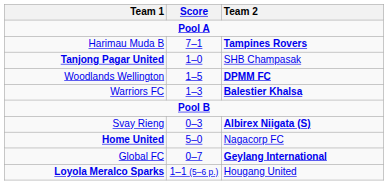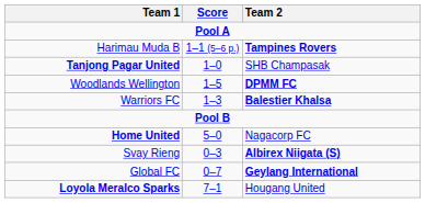 <table class="wikitable" style="align:center">
 <tr>
 <th width=250 style="text-align:right">Team 1</th>
 <th width=80 style="text-align:center"><a href='#'>Score</a></th>
 <th width=250 style="text-align:left">Team 2</th>
 </tr>
 <tr>
 <td colspan="3" style="text-align:center"><strong><a href='#'>Pool A</a></strong></td>
 </tr>
 <tr>
 <td align="right"><a href='#'>Harimau Muda B</a> </td>
-<td align="center"><a href='#'>7–1</a></td>
+<td align="center"><a href='#'>1–1 <small>(5–6 p.)</small></a></td>
 <td><strong><a href='#'>Tampines Rovers</a></strong></td>
 </tr>
 <tr>
 <td align="right"><strong><a href='#'>Tanjong Pagar United</a></strong></td>
 <td align="center"><a href='#'>1–0</a></td>
 <td> <a href='#'>SHB Champasak</a></td>
 </tr>
 <tr>
 <td align="right"><a href='#'>Woodlands Wellington</a></td>
 <td align="center"><a href='#'>1–5</a></td>
 <td> <strong><a href='#'>DPMM FC</a></strong></td>
 </tr>
 <tr>
 <td align="right"><a href='#'>Warriors FC</a></td>
 <td align="center"><a href='#'>1–3</a></td>
 <td><strong><a href='#'>Balestier Khalsa</a></strong></td>
 </tr>
 <tr>
 <td colspan="3" style="text-align:center"><strong><a href='#'>Pool B</a></strong></td>
 </tr>
 <tr>
+<td align="right"><strong><a href='#'>Home United</a></strong></td>
+<td align="center"><a href='#'>5–0</a></td>
+<td> <a href='#'>Nagacorp FC</a></td>
+</tr>
+<tr>
 <td align="right"><a href='#'>Svay Rieng</a> </td>
 <td align="center"><a href='#'>0–3</a></td>
 <td><strong> <a href='#'>Albirex Niigata (S)</a></strong></td>
-</tr>
-<tr>
-<td align="right"><strong><a href='#'>Home United</a></strong></td>
-<td align="center"><a href='#'>5–0</a></td>
-<td> <a href='#'>Nagacorp FC</a></td>
 </tr>
 <tr>
 <td align="right"><a href='#'>Global FC</a> </td>
 <td align="center"><a href='#'>0–7</a></td>
 <td><strong><a href='#'>Geylang International</a></strong></td>
 </tr>
 <tr>
 <td align="right"><strong><a href='#'>Loyola Meralco Sparks</a> </strong></td>
-<td align="center"><a href='#'>1–1 <small>(5–6 p.)</small></a></td>
+<td align="center"><a href='#'>7–1</a></td>
 <td><a href='#'>Hougang United</a></td>
 </tr>
 </table>
